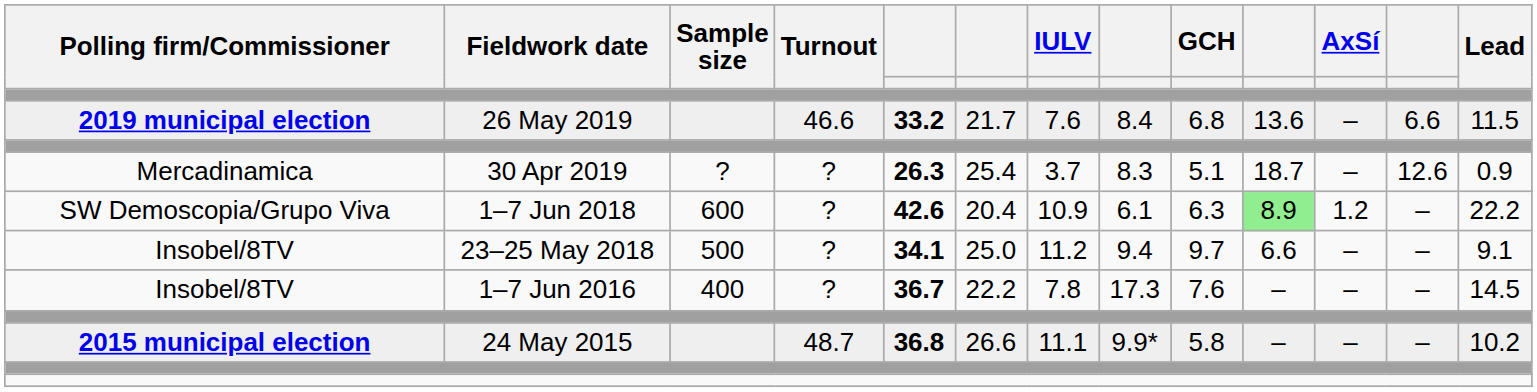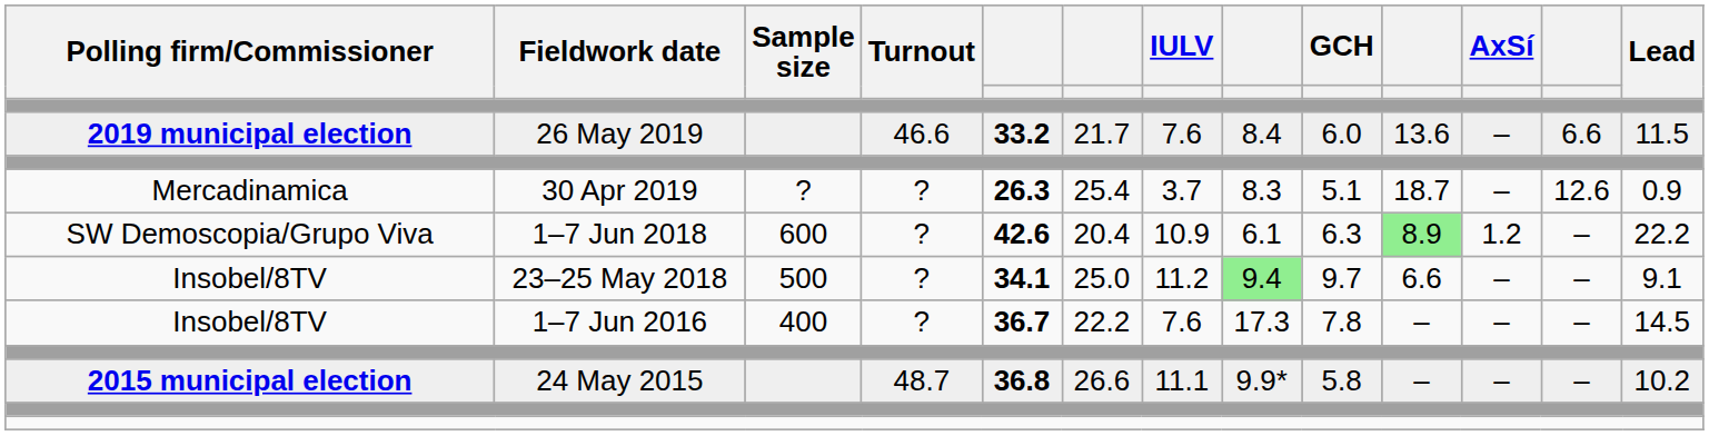 <table class="wikitable collapsible collapsed" style="text-align:center; font-size:95%; line-height:16px;">
 <tr style="height:42px;">
 <th style="width:250px;" rowspan="2">Polling firm/Commissioner</th>
 <th style="width:125px;" rowspan="2">Fieldwork date</th>
 <th style="width:50px;" rowspan="2">Sample size</th>
 <th style="width:45px;" rowspan="2">Turnout</th>
 <th style="width:35px;"></th>
 <th style="width:35px;"></th>
 <th style="width:35px;"><a href='#'>IULV</a></th>
 <th style="width:35px;"></th>
 <th style="width:35px;">GCH</th>
 <th style="width:35px;"></th>
 <th style="width:35px;"><a href='#'>AxSí</a></th>
 <th style="width:35px;"></th>
 <th style="width:30px;" rowspan="2">Lead</th>
 </tr>
 <tr>
 <th style="color:inherit;background:"></th>
 <th style="color:inherit;background:"></th>
 <th style="color:inherit;background:"></th>
 <th style="color:inherit;background:"></th>
 <th style="color:inherit;background:"></th>
 <th style="color:inherit;background:"></th>
 <th style="color:inherit;background:"></th>
 <th style="color:inherit;background:"></th>
 </tr>
 <tr>
 <td colspan="13" style="background:#A0A0A0"></td>
 </tr>
 <tr style="background:#EFEFEF;">
 <td><strong><a href='#'>2019 municipal election</a></strong></td>
 <td>26 May 2019</td>
 <td></td>
 <td>46.6</td>
 <td><strong>33.2</strong><br></td>
 <td>21.7<br></td>
 <td>7.6<br></td>
 <td>8.4<br></td>
-<td>6.8<br></td>
+<td>6.0<br></td>
 <td>13.6<br></td>
 <td>–</td>
 <td>6.6<br></td>
 <td style="background:">11.5</td>
 </tr>
 <tr>
 <td colspan="13" style="background:#A0A0A0"></td>
 </tr>
 <tr>
 <td>Mercadinamica</td>
 <td>30 Apr 2019</td>
 <td>?</td>
 <td>?</td>
 <td><strong>26.3</strong><br></td>
 <td>25.4<br></td>
 <td>3.7<br></td>
 <td>8.3<br></td>
 <td>5.1<br></td>
 <td>18.7<br></td>
 <td>–</td>
 <td>12.6<br></td>
 <td style="background:">0.9</td>
 </tr>
 <tr>
 <td>SW Demoscopia/Grupo Viva</td>
 <td>1–7 Jun 2018</td>
 <td>600</td>
 <td>?</td>
 <td><strong>42.6</strong><br></td>
 <td>20.4<br></td>
 <td>10.9<br></td>
 <td>6.1<br></td>
 <td>6.3<br></td>
 <td style="background: lightgreen;">8.9<br></td>
 <td>1.2<br></td>
 <td>–</td>
 <td style="background:">22.2</td>
 </tr>
 <tr>
 <td>Insobel/8TV</td>
 <td>23–25 May 2018</td>
 <td>500</td>
 <td>?</td>
 <td><strong>34.1</strong><br></td>
 <td>25.0<br></td>
 <td>11.2<br></td>
-<td>9.4<br></td>
+<td style="background: lightgreen;">9.4<br></td>
 <td>9.7<br></td>
 <td>6.6<br></td>
 <td>–</td>
 <td>–</td>
 <td style="background:">9.1</td>
 </tr>
 <tr>
 <td>Insobel/8TV</td>
 <td>1–7 Jun 2016</td>
 <td>400</td>
 <td>?</td>
 <td><strong>36.7</strong><br></td>
 <td>22.2<br></td>
+<td>7.6<br></td>
+<td>17.3<br></td>
 <td>7.8<br></td>
-<td>17.3<br></td>
-<td>7.6<br></td>
 <td>–</td>
 <td>–</td>
 <td>–</td>
 <td style="background:">14.5</td>
 </tr>
 <tr>
 <td colspan="13" style="background:#A0A0A0"></td>
 </tr>
 <tr style="background:#EFEFEF;">
 <td><strong><a href='#'>2015 municipal election</a></strong></td>
 <td>24 May 2015</td>
 <td></td>
 <td>48.7</td>
 <td><strong>36.8</strong><br></td>
 <td>26.6<br></td>
 <td>11.1<br></td>
 <td>9.9*<br></td>
 <td>5.8<br></td>
 <td>–</td>
 <td>–</td>
 <td>–</td>
 <td style="background:">10.2</td>
 </tr>
 <tr>
 <td colspan="13" style="background:#A0A0A0"></td>
 </tr>
 <tr>
 <td align="left" colspan="13"></td>
 </tr>
 </table>
